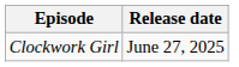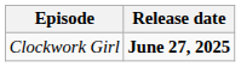 <table class="wikitable">
 <tr>
 <th>Episode</th>
 <th>Release date</th>
 </tr>
 <tr>
 <td><em>Clockwork Girl</em></td>
-<td>June 27, 2025</td>
+<td><strong>June 27, 2025</strong></td>
 </tr>
 </table>
